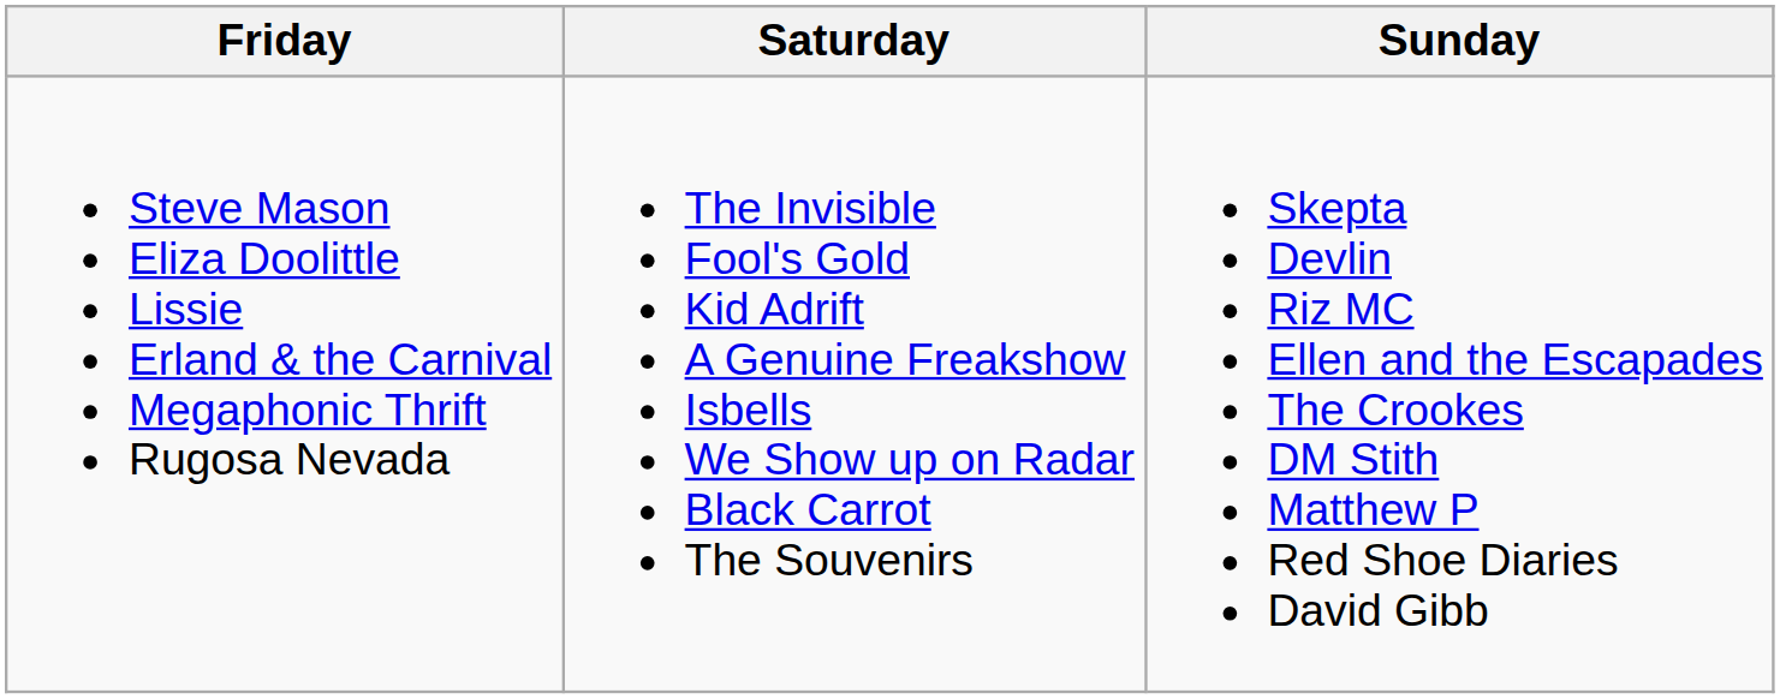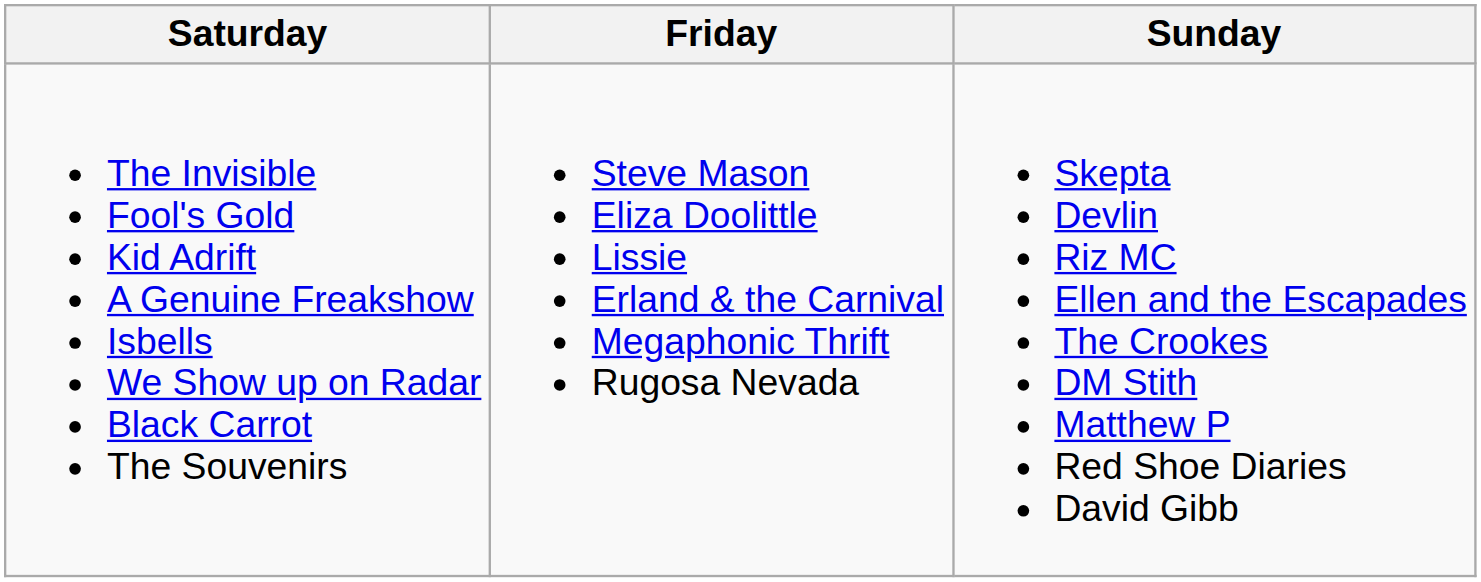 <table class="wikitable">
 <tr>
+<th>Saturday</th>
 <th>Friday</th>
-<th>Saturday</th>
 <th>Sunday</th>
 </tr>
 <tr>
+<td valign=top><br><ul><li><a href='#'>The Invisible</a></li><li><a href='#'>Fool's Gold</a></li><li><a href='#'>Kid Adrift</a></li><li><a href='#'>A Genuine Freakshow</a></li><li><a href='#'>Isbells</a></li><li><a href='#'>We Show up on Radar</a></li><li><a href='#'>Black Carrot</a></li><li>The Souvenirs</li></ul></td>
 <td valign=top><br><ul><li><a href='#'>Steve Mason</a></li><li><a href='#'>Eliza Doolittle</a></li><li><a href='#'>Lissie</a></li><li><a href='#'>Erland & the Carnival</a></li><li><a href='#'>Megaphonic Thrift</a></li><li>Rugosa Nevada</li></ul></td>
-<td valign=top><br><ul><li><a href='#'>The Invisible</a></li><li><a href='#'>Fool's Gold</a></li><li><a href='#'>Kid Adrift</a></li><li><a href='#'>A Genuine Freakshow</a></li><li><a href='#'>Isbells</a></li><li><a href='#'>We Show up on Radar</a></li><li><a href='#'>Black Carrot</a></li><li>The Souvenirs</li></ul></td>
 <td valign=top><br><ul><li><a href='#'>Skepta</a></li><li><a href='#'>Devlin</a></li><li><a href='#'>Riz MC</a></li><li><a href='#'>Ellen and the Escapades</a></li><li><a href='#'>The Crookes</a></li><li><a href='#'>DM Stith</a></li><li><a href='#'>Matthew P</a></li><li>Red Shoe Diaries</li><li>David Gibb</li></ul></td>
 </tr>
 </table>
